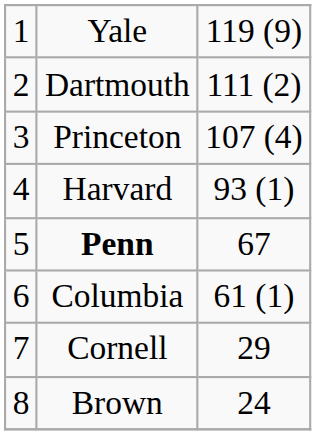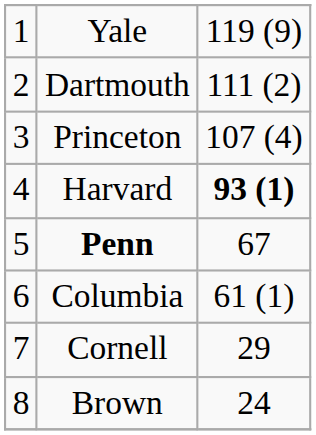 <table class="wikitable">
 <tr align="center">
 </tr>
 <tr align="center">
 <td>1</td>
 <td>Yale</td>
 <td>119 (9)</td>
 </tr>
 <tr align="center">
 <td>2</td>
 <td>Dartmouth</td>
 <td>111 (2)</td>
 </tr>
 <tr align="center">
 <td>3</td>
 <td>Princeton</td>
 <td>107 (4)</td>
 </tr>
 <tr align="center">
 <td>4</td>
 <td>Harvard</td>
-<td>93 (1)</td>
+<td><strong>93 (1)</strong></td>
 </tr>
 <tr align="center">
 <td>5</td>
 <td><strong>Penn</strong></td>
 <td>67</td>
 </tr>
 <tr align="center">
 <td>6</td>
 <td>Columbia</td>
 <td>61 (1)</td>
 </tr>
 <tr align="center">
 <td>7</td>
 <td>Cornell</td>
 <td>29</td>
 </tr>
 <tr align="center">
 <td>8</td>
 <td>Brown</td>
 <td>24</td>
 </tr>
 <tr>
 </tr>
 </table>
